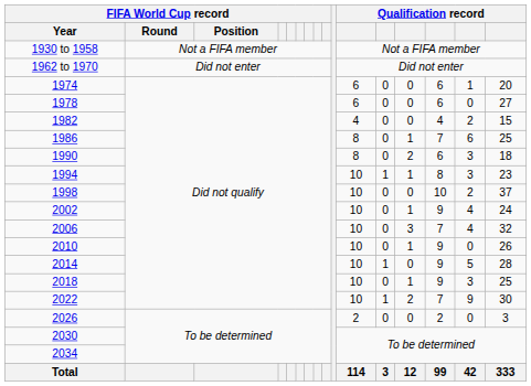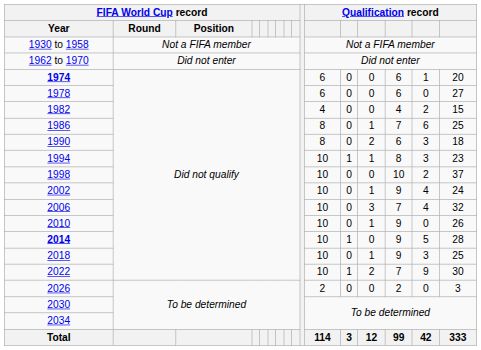 <table class="wikitable" style="text-align: center;">
 <tr>
 <th colspan="9"><a href='#'>FIFA World Cup</a> record</th>
 <th rowspan="21" style="width:1%"></th>
 <th colspan="6"><a href='#'>Qualification</a> record</th>
 </tr>
 <tr>
 <th>Year</th>
 <th>Round</th>
 <th>Position</th>
 <th></th>
 <th></th>
 <th></th>
 <th></th>
 <th></th>
 <th></th>
 <th></th>
 <th></th>
 <th></th>
 <th></th>
 <th></th>
 <th></th>
 </tr>
 <tr>
 <td> <a href='#'>1930</a> to  <a href='#'>1958</a></td>
 <td colspan=8><em>Not a FIFA member</em></td>
 <td colspan=6><em>Not a FIFA member</em></td>
 </tr>
 <tr>
 <td> <a href='#'>1962</a> to  <a href='#'>1970</a></td>
 <td colspan=8><em>Did not enter</em></td>
 <td colspan=6><em>Did not enter</em></td>
 </tr>
 <tr>
-<td> <a href='#'>1974</a></td>
+<td><strong> <a href='#'>1974</a></strong></td>
 <td colspan=8 rowspan=13><em>Did not qualify</em></td>
 <td>6</td>
 <td>0</td>
 <td>0</td>
 <td>6</td>
 <td>1</td>
 <td>20</td>
 </tr>
 <tr>
 <td> <a href='#'>1978</a></td>
 <td>6</td>
 <td>0</td>
 <td>0</td>
 <td>6</td>
 <td>0</td>
 <td>27</td>
 </tr>
 <tr>
 <td> <a href='#'>1982</a></td>
 <td>4</td>
 <td>0</td>
 <td>0</td>
 <td>4</td>
 <td>2</td>
 <td>15</td>
 </tr>
 <tr>
 <td> <a href='#'>1986</a></td>
 <td>8</td>
 <td>0</td>
 <td>1</td>
 <td>7</td>
 <td>6</td>
 <td>25</td>
 </tr>
 <tr>
 <td> <a href='#'>1990</a></td>
 <td>8</td>
 <td>0</td>
 <td>2</td>
 <td>6</td>
 <td>3</td>
 <td>18</td>
 </tr>
 <tr>
 <td> <a href='#'>1994</a></td>
 <td>10</td>
 <td>1</td>
 <td>1</td>
 <td>8</td>
 <td>3</td>
 <td>23</td>
 </tr>
 <tr>
 <td> <a href='#'>1998</a></td>
 <td>10</td>
 <td>0</td>
 <td>0</td>
 <td>10</td>
 <td>2</td>
 <td>37</td>
 </tr>
 <tr>
 <td>  <a href='#'>2002</a></td>
 <td>10</td>
 <td>0</td>
 <td>1</td>
 <td>9</td>
 <td>4</td>
 <td>24</td>
 </tr>
 <tr>
 <td> <a href='#'>2006</a></td>
 <td>10</td>
 <td>0</td>
 <td>3</td>
 <td>7</td>
 <td>4</td>
 <td>32</td>
 </tr>
 <tr>
 <td> <a href='#'>2010</a></td>
 <td>10</td>
 <td>0</td>
 <td>1</td>
 <td>9</td>
 <td>0</td>
 <td>26</td>
 </tr>
 <tr>
-<td> <a href='#'>2014</a></td>
+<td><strong> <a href='#'>2014</a></strong></td>
 <td>10</td>
 <td>1</td>
 <td>0</td>
 <td>9</td>
 <td>5</td>
 <td>28</td>
 </tr>
 <tr>
 <td> <a href='#'>2018</a></td>
 <td>10</td>
 <td>0</td>
 <td>1</td>
 <td>9</td>
 <td>3</td>
 <td>25</td>
 </tr>
 <tr>
 <td> <a href='#'>2022</a></td>
 <td>10</td>
 <td>1</td>
 <td>2</td>
 <td>7</td>
 <td>9</td>
 <td>30</td>
 </tr>
 <tr>
 <td>   <a href='#'>2026</a></td>
 <td colspan=8 rowspan=3><em>To be determined</em></td>
 <td>2</td>
 <td>0</td>
 <td>0</td>
 <td>2</td>
 <td>0</td>
 <td>3</td>
 </tr>
 <tr>
 <td>   <a href='#'>2030</a></td>
 <td colspan=6 rowspan=2><em>To be determined</em></td>
 </tr>
 <tr>
 <td> <a href='#'>2034</a></td>
 </tr>
 <tr>
 <th>Total</th>
 <th></th>
 <th></th>
 <th></th>
 <th></th>
 <th></th>
 <th></th>
 <th></th>
 <th></th>
 <th>114</th>
 <th>3</th>
 <th>12</th>
 <th>99</th>
 <th>42</th>
 <th>333</th>
 </tr>
 </table>
